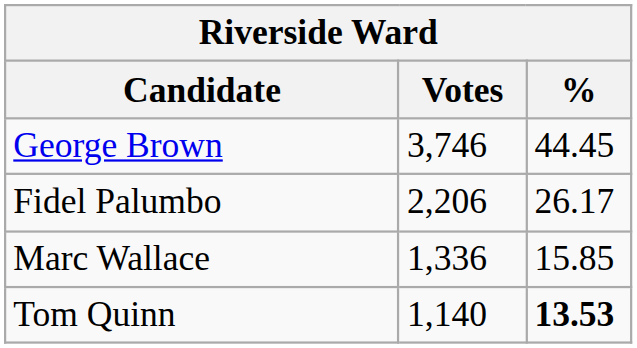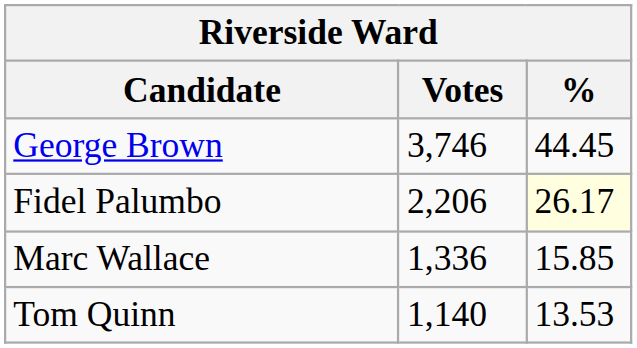 <table class="wikitable">
 <tr>
 <th colspan="3">Riverside Ward</th>
 </tr>
 <tr>
 <th style="width: 170px">Candidate</th>
 <th style="width: 50px">Votes</th>
 <th style="width: 40px">%</th>
 </tr>
 <tr>
 <td><a href='#'>George Brown</a></td>
 <td>3,746</td>
 <td>44.45</td>
 </tr>
 <tr>
 <td>Fidel Palumbo</td>
 <td>2,206</td>
-<td>26.17</td>
+<td style="background: lightyellow;">26.17</td>
 </tr>
 <tr>
 <td>Marc Wallace</td>
 <td>1,336</td>
 <td>15.85</td>
 </tr>
 <tr>
 <td>Tom Quinn</td>
 <td>1,140</td>
-<td><strong>13.53</strong></td>
+<td>13.53</td>
 </tr>
 </table>
